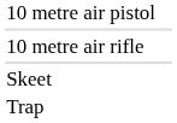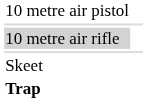 <table>
 <tr>
 <td>10 metre air pistol<br></td>
 <td></td>
 <td></td>
 <td></td>
 </tr>
 <tr bgcolor=#DDDDDD>
 <td colspan=7></td>
 </tr>
 <tr>
-<td>10 metre air rifle<br></td>
+<td style="background: lightgrey;">10 metre air rifle<br></td>
 <td></td>
 <td></td>
 <td></td>
 </tr>
 <tr bgcolor=#DDDDDD>
 <td colspan=7></td>
 </tr>
 <tr>
 <td>Skeet<br></td>
 <td></td>
 <td></td>
 <td></td>
 </tr>
 <tr>
-<td>Trap<br></td>
+<td><strong>Trap<br></strong></td>
 <td></td>
 <td></td>
 <td></td>
 </tr>
 </table>
